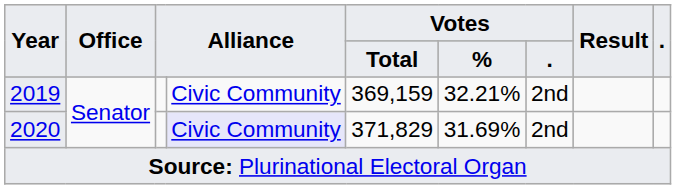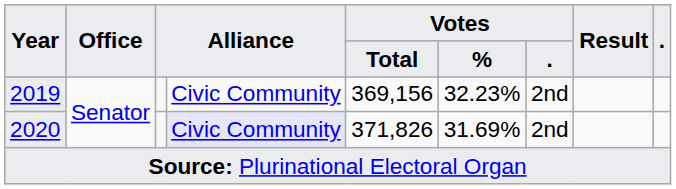 <table class="wikitable" style="font-size:90%; text-align:center;">
 <tr>
 <th style="background-color:#EAECF0;" rowspan=2>Year</th>
 <th style="background-color:#EAECF0;" rowspan=2>Office</th>
 <th style="background-color:#EAECF0;" colspan=2 rowspan=2>Alliance</th>
 <th style="background-color:#EAECF0;" colspan=3>Votes</th>
 <th style="background-color:#EAECF0;" rowspan=2>Result</th>
 <th style="background-color:#EAECF0;" rowspan=2>.</th>
 </tr>
 <tr>
 <th style="background-color:#EAECF0;">Total</th>
 <th style="background-color:#EAECF0;">%</th>
 <th style="background-color:#EAECF0;">.</th>
 </tr>
 <tr>
 <td style="background-color:#EAECF0;"><a href='#'>2019</a></td>
 <td rowspan=2><a href='#'>Senator</a></td>
 <td style="background-color:"></td>
 <td><a href='#'>Civic Community</a></td>
-<td>369,159</td>
-<td>32.21%</td>
+<td>369,156</td>
+<td>32.23%</td>
 <td>2nd</td>
 <td></td>
 <td></td>
 </tr>
 <tr>
 <td style="background-color:#EAECF0;"><a href='#'>2020</a></td>
 <td style="background-color:"></td>
 <td style="background: lavender;"><a href='#'>Civic Community</a></td>
-<td>371,829</td>
+<td>371,826</td>
 <td>31.69%</td>
 <td>2nd</td>
 <td></td>
 <td></td>
 </tr>
 <tr>
 <td style="background-color:#EAECF0;" colspan=9><strong>Source:</strong> <a href='#'>Plurinational Electoral Organ</a>  </td>
 </tr>
 </table>
